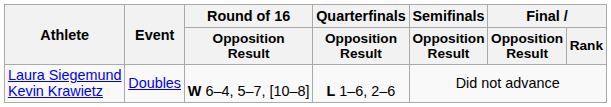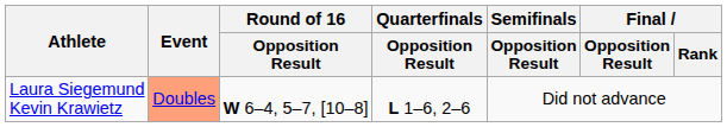 <table class=wikitable style="font-size:90%; text-align:center">
 <tr>
 <th rowspan=2>Athlete</th>
 <th rowspan=2>Event</th>
 <th>Round of 16</th>
 <th>Quarterfinals</th>
 <th>Semifinals</th>
 <th colspan=2>Final / </th>
 </tr>
 <tr style=font-size:95%>
 <th>Opposition<br>Result</th>
 <th>Opposition<br>Result</th>
 <th>Opposition<br>Result</th>
 <th>Opposition<br>Result</th>
 <th>Rank</th>
 </tr>
 <tr align=center>
 <td align=left><a href='#'>Laura Siegemund</a><br><a href='#'>Kevin Krawietz</a></td>
-<td align=left><a href='#'>Doubles</a></td>
+<td align=left style="background: lightsalmon;"><a href='#'>Doubles</a></td>
 <td><br><strong>W</strong> 6–4, 5–7, [10–8]</td>
 <td><br><strong>L</strong> 1–6, 2–6</td>
 <td colspan=3>Did not advance</td>
 </tr>
 </table>
